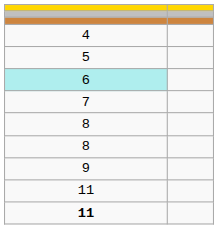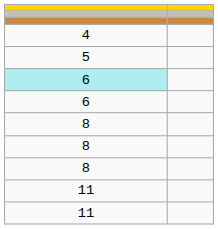 <table class="wikitable" style="width:200px;">
 <tr style="background:gold;">
 <td align=center></td>
 <td></td>
 </tr>
 <tr style="background:silver;">
 <td align=center></td>
 <td></td>
 </tr>
 <tr style="background:peru;">
 <td align=center></td>
 <td></td>
 </tr>
 <tr>
 <td align=center>4</td>
 <td></td>
 </tr>
 <tr>
 <td align=center>5</td>
 <td></td>
 </tr>
 <tr>
 <td align=center style="background: paleturquoise;">6</td>
 <td></td>
 </tr>
 <tr>
-<td align=center>7</td>
+<td align=center>6</td>
 <td></td>
 </tr>
 <tr>
 <td align=center>8</td>
 <td></td>
 </tr>
 <tr>
 <td align=center>8</td>
 <td></td>
 </tr>
 <tr>
-<td align=center>9</td>
+<td align=center>8</td>
 <td></td>
 </tr>
 <tr>
 <td align=center>11</td>
 <td></td>
 </tr>
 <tr>
-<td align=center><strong>11</strong></td>
+<td align=center>11</td>
 <td></td>
 </tr>
 </table>
